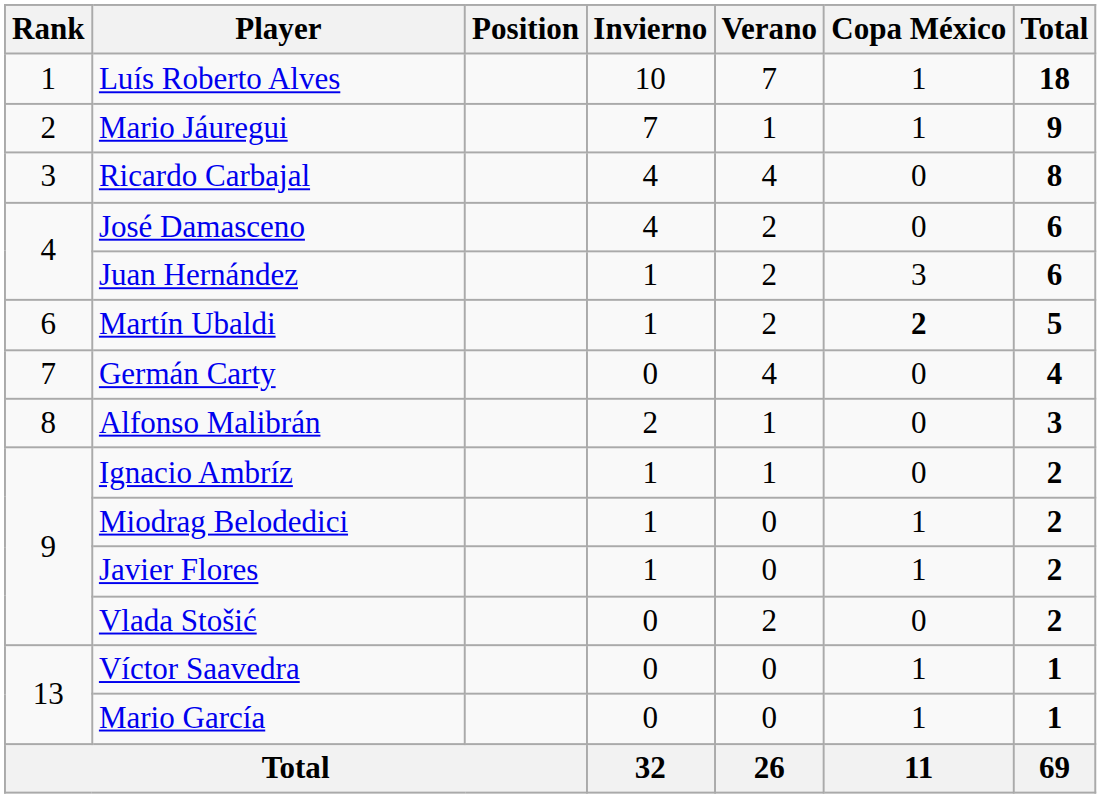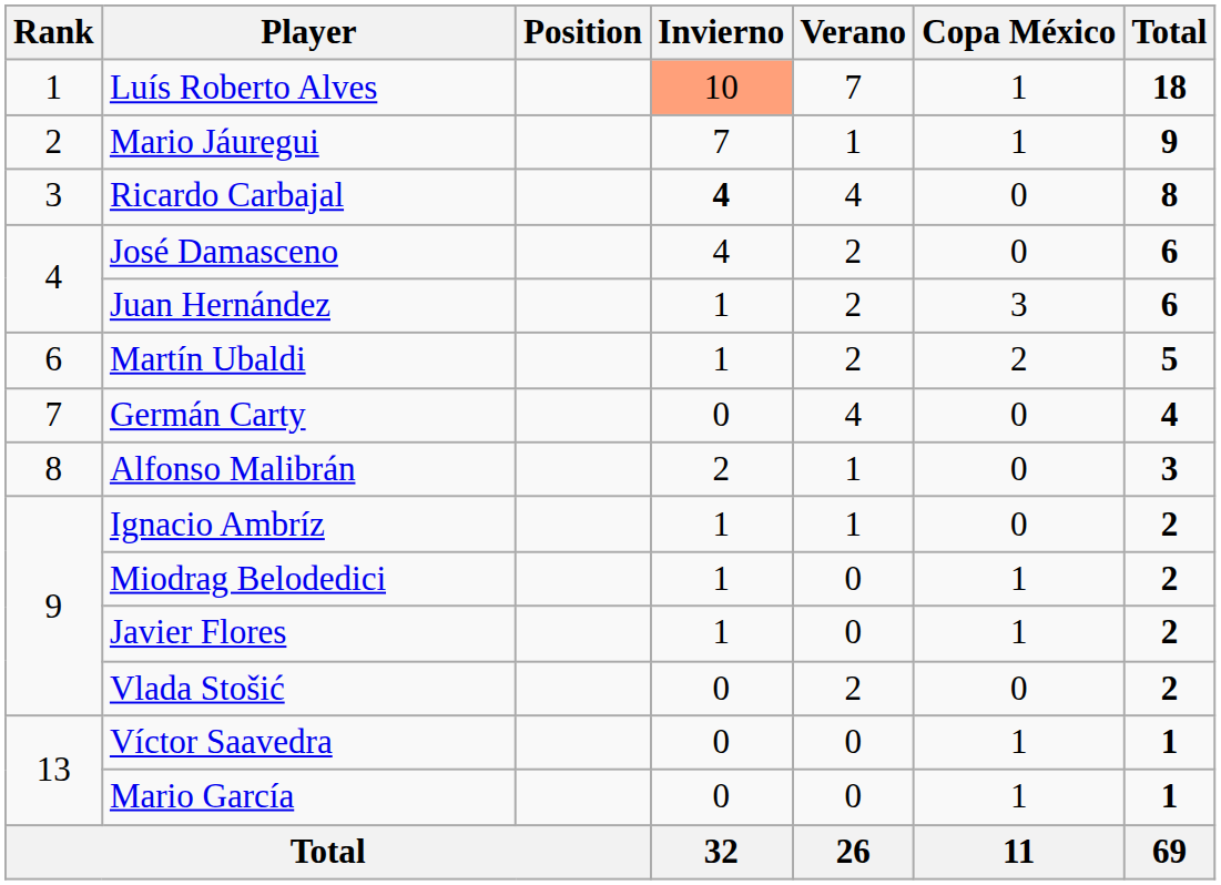 <table class="wikitable">
 <tr>
 <th>Rank</th>
 <th style="width:185px;">Player</th>
 <th>Position</th>
 <th>Invierno</th>
 <th>Verano</th>
 <th>Copa México</th>
 <th>Total</th>
 </tr>
 <tr>
 <td align=center>1</td>
 <td> <a href='#'>Luís Roberto Alves</a></td>
 <td align=center></td>
-<td align=center>10</td>
+<td align=center style="background: lightsalmon;">10</td>
 <td align=center>7</td>
 <td align=center>1</td>
 <td align=center><strong>18</strong></td>
 </tr>
 <tr>
 <td align=center>2</td>
 <td> <a href='#'>Mario Jáuregui</a></td>
 <td align=center></td>
 <td align=center>7</td>
 <td align=center>1</td>
 <td align=center>1</td>
 <td align=center><strong>9</strong></td>
 </tr>
 <tr>
 <td align=center>3</td>
 <td> <a href='#'>Ricardo Carbajal</a></td>
 <td align=center></td>
-<td align=center>4</td>
+<td align=center><strong>4</strong></td>
 <td align=center>4</td>
 <td align=center>0</td>
 <td align=center><strong>8</strong></td>
 </tr>
 <tr>
 <td align=center rowspan=2>4</td>
 <td> <a href='#'>José Damasceno</a></td>
 <td align=center></td>
 <td align=center>4</td>
 <td align=center>2</td>
 <td align=center>0</td>
 <td align=center><strong>6</strong></td>
 </tr>
 <tr>
 <td> <a href='#'>Juan Hernández</a></td>
 <td align=center></td>
 <td align=center>1</td>
 <td align=center>2</td>
 <td align=center>3</td>
 <td align=center><strong>6</strong></td>
 </tr>
 <tr>
 <td align=center>6</td>
 <td> <a href='#'>Martín Ubaldi</a></td>
 <td align=center></td>
 <td align=center>1</td>
 <td align=center>2</td>
-<td align=center><strong>2</strong></td>
+<td align=center>2</td>
 <td align=center><strong>5</strong></td>
 </tr>
 <tr>
 <td align=center>7</td>
 <td> <a href='#'>Germán Carty</a></td>
 <td align=center></td>
 <td align=center>0</td>
 <td align=center>4</td>
 <td align=center>0</td>
 <td align=center><strong>4</strong></td>
 </tr>
 <tr>
 <td align=center>8</td>
 <td> <a href='#'>Alfonso Malibrán</a></td>
 <td align=center></td>
 <td align=center>2</td>
 <td align=center>1</td>
 <td align=center>0</td>
 <td align=center><strong>3</strong></td>
 </tr>
 <tr>
 <td align=center rowspan=4>9</td>
 <td> <a href='#'>Ignacio Ambríz</a></td>
 <td align=center></td>
 <td align=center>1</td>
 <td align=center>1</td>
 <td align=center>0</td>
 <td align=center><strong>2</strong></td>
 </tr>
 <tr>
 <td> <a href='#'>Miodrag Belodedici</a></td>
 <td align=center></td>
 <td align=center>1</td>
 <td align=center>0</td>
 <td align=center>1</td>
 <td align=center><strong>2</strong></td>
 </tr>
 <tr>
 <td> <a href='#'>Javier Flores</a></td>
 <td align=center></td>
 <td align=center>1</td>
 <td align=center>0</td>
 <td align=center>1</td>
 <td align=center><strong>2</strong></td>
 </tr>
 <tr>
 <td> <a href='#'>Vlada Stošić</a></td>
 <td align=center></td>
 <td align=center>0</td>
 <td align=center>2</td>
 <td align=center>0</td>
 <td align=center><strong>2</strong></td>
 </tr>
 <tr>
 <td align=center rowspan=2>13</td>
 <td> <a href='#'>Víctor Saavedra</a></td>
 <td align=center></td>
 <td align=center>0</td>
 <td align=center>0</td>
 <td align=center>1</td>
 <td align=center><strong>1</strong></td>
 </tr>
 <tr>
 <td> <a href='#'>Mario García</a></td>
 <td align=center></td>
 <td align=center>0</td>
 <td align=center>0</td>
 <td align=center>1</td>
 <td align=center><strong>1</strong></td>
 </tr>
 <tr>
 <th align=center colspan=3>Total</th>
 <th align=center>32</th>
 <th align=center>26</th>
 <th align=center>11</th>
 <th align=center>69</th>
 </tr>
 </table>
